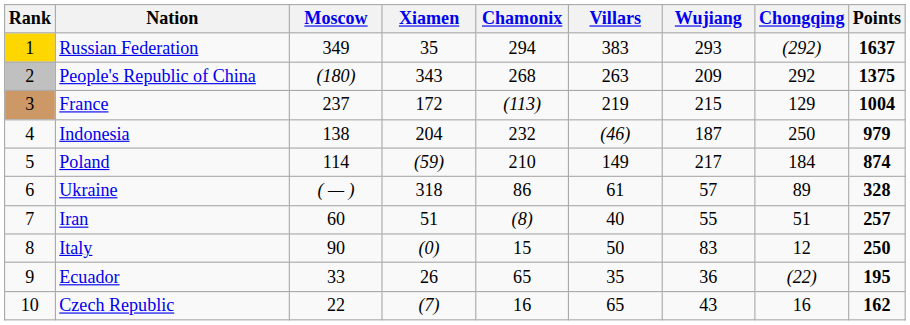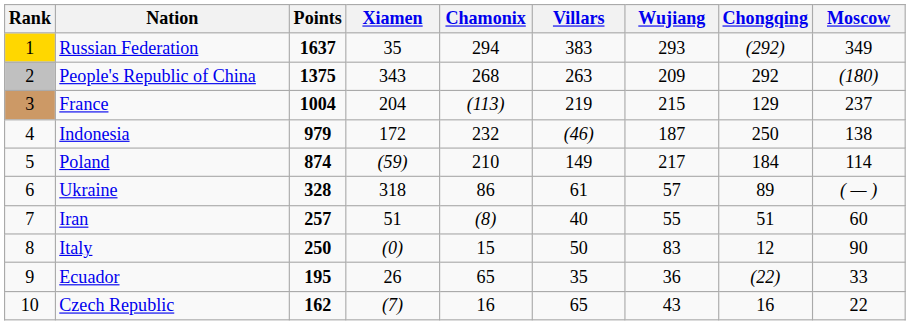 <table class="wikitable sortable" style="text-align: center;">
 <tr>
 <th>Rank</th>
 <th width = "200">Nation</th>
-<th width = "75" data-sort-type="number"><a href='#'>Moscow</a></th>
+<th>Points</th>
 <th width = "75" data-sort-type="number"><a href='#'>Xiamen</a></th>
 <th width = "75" data-sort-type="number"><a href='#'>Chamonix</a></th>
 <th width = "75" data-sort-type="number"><a href='#'>Villars</a></th>
 <th width = "75" data-sort-type="number"><a href='#'>Wujiang</a></th>
 <th width = "75" data-sort-type="number"><a href='#'>Chongqing</a></th>
-<th>Points</th>
+<th width = "75" data-sort-type="number"><a href='#'>Moscow</a></th>
 </tr>
 <tr>
 <td style="background: gold">1</td>
 <td align="left"> <a href='#'>Russian Federation</a></td>
-<td>349</td>
+<td><strong>1637</strong></td>
 <td>35</td>
 <td>294</td>
 <td>383</td>
 <td>293</td>
 <td><em>(292)</em></td>
-<td><strong>1637</strong></td>
+<td>349</td>
 </tr>
 <tr>
 <td style="background: silver">2</td>
 <td align="left"> <a href='#'>People's Republic of China</a></td>
-<td><em>(180)</em></td>
+<td><strong>1375</strong></td>
 <td>343</td>
 <td>268</td>
 <td>263</td>
 <td>209</td>
 <td>292</td>
-<td><strong>1375</strong></td>
+<td><em>(180)</em></td>
 </tr>
 <tr>
 <td style="background: #cc9966">3</td>
 <td align="left"> <a href='#'>France</a></td>
-<td>237</td>
-<td>172</td>
+<td><strong>1004</strong></td>
+<td>204</td>
 <td><em>(113)</em></td>
 <td>219</td>
 <td>215</td>
 <td>129</td>
-<td><strong>1004</strong></td>
+<td>237</td>
 </tr>
 <tr>
 <td>4</td>
 <td align="left"> <a href='#'>Indonesia</a></td>
-<td>138</td>
-<td>204</td>
+<td><strong>979</strong></td>
+<td>172</td>
 <td>232</td>
 <td><em>(46)</em></td>
 <td>187</td>
 <td>250</td>
-<td><strong>979</strong></td>
+<td>138</td>
 </tr>
 <tr>
 <td>5</td>
 <td align="left"> <a href='#'>Poland</a></td>
-<td>114</td>
+<td><strong>874</strong></td>
 <td><em>(59)</em></td>
 <td>210</td>
 <td>149</td>
 <td>217</td>
 <td>184</td>
-<td><strong>874</strong></td>
+<td>114</td>
 </tr>
 <tr>
 <td>6</td>
 <td align="left"> <a href='#'>Ukraine</a></td>
-<td><em>( — )</em></td>
+<td><strong>328</strong></td>
 <td>318</td>
 <td>86</td>
 <td>61</td>
 <td>57</td>
 <td>89</td>
-<td><strong>328</strong></td>
+<td><em>( — )</em></td>
 </tr>
 <tr>
 <td>7</td>
 <td align="left"> <a href='#'>Iran</a></td>
-<td>60</td>
+<td><strong>257</strong></td>
 <td>51</td>
 <td><em>(8)</em></td>
 <td>40</td>
 <td>55</td>
 <td>51</td>
-<td><strong>257</strong></td>
+<td>60</td>
 </tr>
 <tr>
 <td>8</td>
 <td align="left"> <a href='#'>Italy</a></td>
-<td>90</td>
+<td><strong>250</strong></td>
 <td><em>(0)</em></td>
 <td>15</td>
 <td>50</td>
 <td>83</td>
 <td>12</td>
-<td><strong>250</strong></td>
+<td>90</td>
 </tr>
 <tr>
 <td>9</td>
 <td align="left"> <a href='#'>Ecuador</a></td>
-<td>33</td>
+<td><strong>195</strong></td>
 <td>26</td>
 <td>65</td>
 <td>35</td>
 <td>36</td>
 <td><em>(22)</em></td>
-<td><strong>195</strong></td>
+<td>33</td>
 </tr>
 <tr>
 <td>10</td>
 <td align="left"> <a href='#'>Czech Republic</a></td>
-<td>22</td>
+<td><strong>162</strong></td>
 <td><em>(7)</em></td>
 <td>16</td>
 <td>65</td>
 <td>43</td>
 <td>16</td>
-<td><strong>162</strong></td>
+<td>22</td>
 </tr>
 </table>
